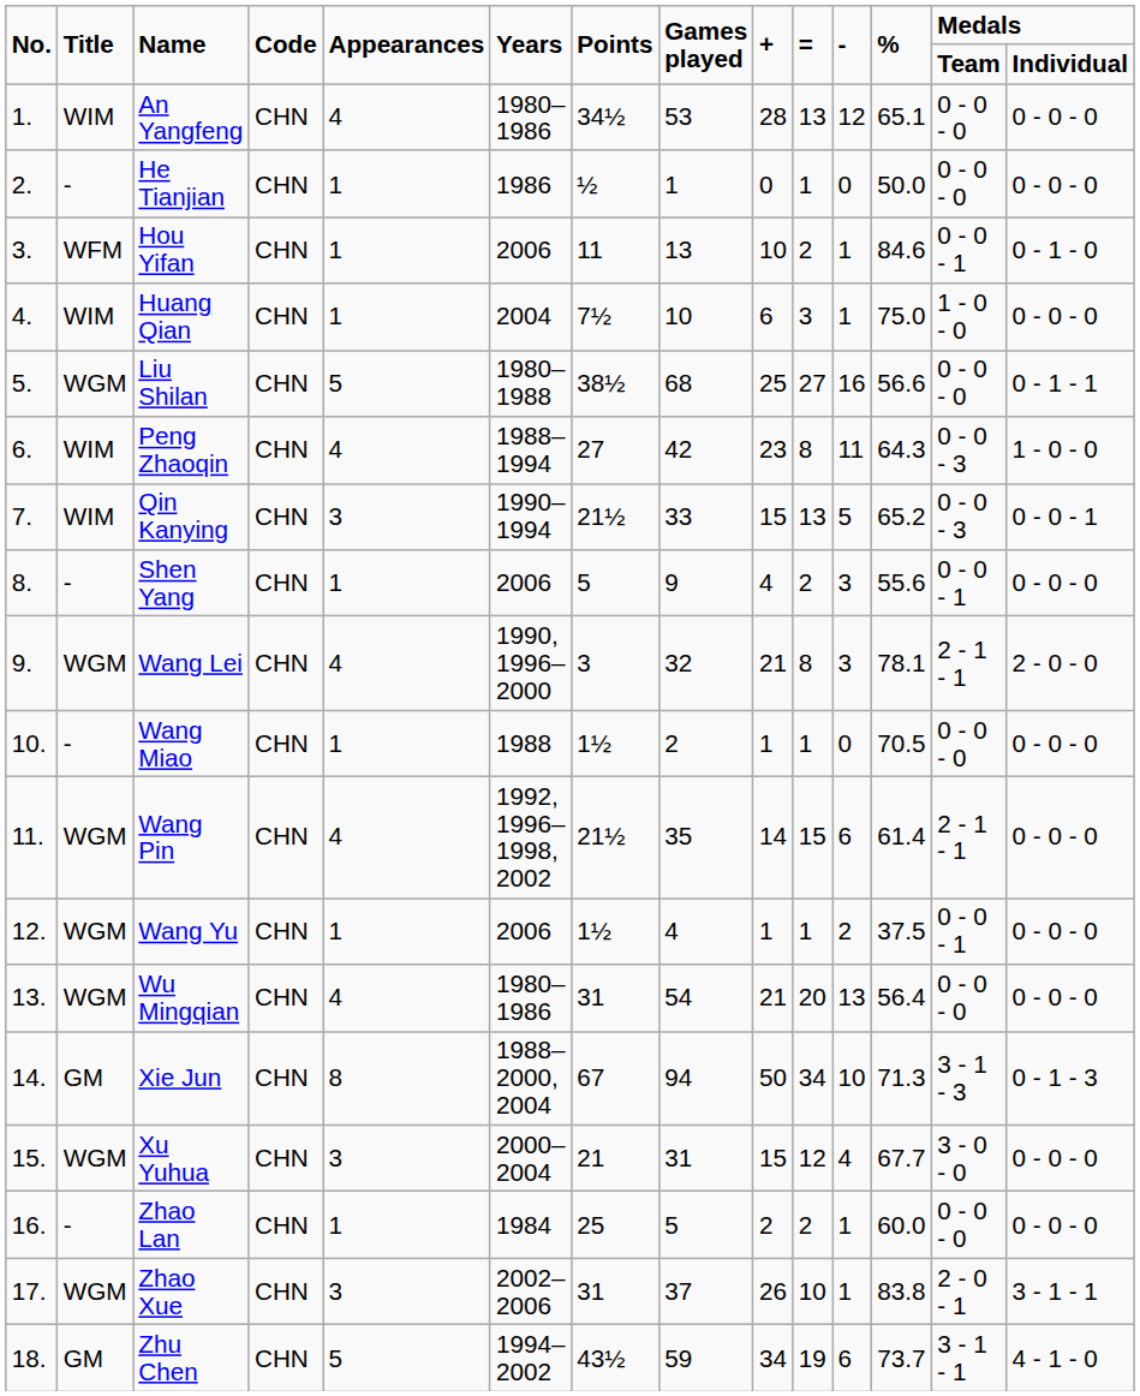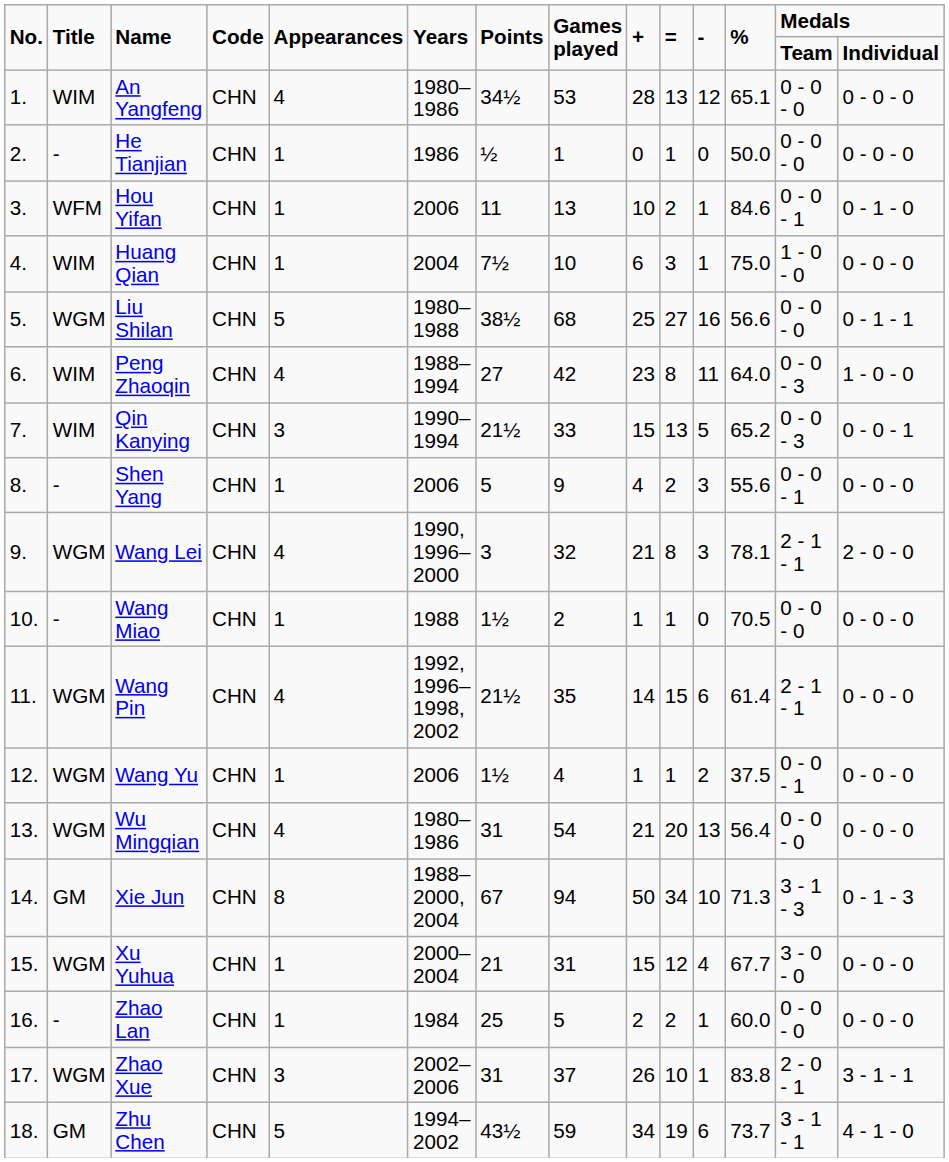 <table class="wikitable" style="font-size:85%" align=center>
 <tr>
 <td width=31 rowspan=2  class="bog"><strong>No.</strong></td>
 <td style="cursor:pointer" onClick="window.location.href='chn_i00.html'" width=35 rowspan=2 class="bog"><strong>Title</strong></td>
 <td width=180 rowspan=2 class="bog"><strong>Name</strong></td>
 <td width=35 rowspan=2 class="bog"><strong>Code</strong></td>
 <td style="cursor:pointer" onClick="window.location.href='chn_i03.html'" width=25 rowspan=2 class="bog"><strong>Appearances</strong></td>
 <td style="cursor:pointer" onClick="window.location.href='chn_i04.html'" width=100 rowspan=2 class="bog"><strong>Years</strong></td>
 <td style="cursor:pointer" onClick="window.location.href='chn_i05.html'" width=35 rowspan=2 class="bog"><strong>Points</strong></td>
 <td style="cursor:pointer" onClick="window.location.href='chn_i06.html'" width=35 rowspan=2 class="bog"><strong>Games played</strong></td>
 <td style="cursor:pointer" onClick="window.location.href='chn_i07.html'" width=30 rowspan=2 class="bog"><strong>+</strong></td>
 <td style="cursor:pointer" onClick="window.location.href='chn_i08.html'" width=30 rowspan=2 class="bog"><strong>=</strong></td>
 <td style="cursor:pointer" onClick="window.location.href='chn_i09.html'" width=30 rowspan=2 class="bog"><strong>-</strong></td>
 <td style="cursor:pointer" onClick="window.location.href='chn_i10.html'" width=35 rowspan=2 class="bog"><strong>%</strong></td>
 <td width=110 colspan=2 class="bog"><strong>Medals</strong></td>
 </tr>
 <tr>
 <td style="cursor:pointer" onClick="window.location.href='chn_i12.html'" width=55 class="bog"><strong>Team</strong></td>
 <td style="cursor:pointer" onClick="window.location.href='chn_i11.html'" width=55 class="bog"><strong>Individual</strong></td>
 </tr>
 <tr>
 <td>1.</td>
 <td>WIM</td>
 <td class="let" width=180><a href='#'>An Yangfeng</a></td>
 <td width=35>CHN</td>
 <td>4</td>
 <td width=100>1980–1986</td>
 <td>34½</td>
 <td>53</td>
 <td>28</td>
 <td>13</td>
 <td>12</td>
 <td>65.1</td>
 <td>0 - 0 - 0</td>
 <td>0 - 0 - 0</td>
 </tr>
 <tr>
 <td>2.</td>
 <td>-</td>
 <td class="let" width=180><a href='#'>He Tianjian</a></td>
 <td width=35>CHN</td>
 <td>1</td>
 <td width=100>1986</td>
 <td>½</td>
 <td>1</td>
 <td>0</td>
 <td>1</td>
 <td>0</td>
 <td>50.0</td>
 <td>0 - 0 - 0</td>
 <td>0 - 0 - 0</td>
 </tr>
 <tr>
 <td>3.</td>
 <td>WFM</td>
 <td class="let" width=180><a href='#'>Hou Yifan</a></td>
 <td width=35>CHN</td>
 <td>1</td>
 <td width=100>2006</td>
 <td>11</td>
 <td>13</td>
 <td>10</td>
 <td>2</td>
 <td>1</td>
 <td>84.6</td>
 <td>0 - 0 - 1</td>
 <td>0 - 1 - 0</td>
 </tr>
 <tr>
 <td>4.</td>
 <td>WIM</td>
 <td class="let" width=180><a href='#'>Huang Qian</a></td>
 <td width=35>CHN</td>
 <td>1</td>
 <td width=100>2004</td>
 <td>7½</td>
 <td>10</td>
 <td>6</td>
 <td>3</td>
 <td>1</td>
 <td>75.0</td>
 <td>1 - 0 - 0</td>
 <td>0 - 0 - 0</td>
 </tr>
 <tr>
 <td>5.</td>
 <td>WGM</td>
 <td class="let" width=180><a href='#'>Liu Shilan</a></td>
 <td width=35>CHN</td>
 <td>5</td>
 <td width=100>1980–1988</td>
 <td>38½</td>
 <td>68</td>
 <td>25</td>
 <td>27</td>
 <td>16</td>
 <td>56.6</td>
 <td>0 - 0 - 0</td>
 <td>0 - 1 - 1</td>
 </tr>
 <tr>
 <td>6.</td>
 <td>WIM</td>
 <td class="let" width=180><a href='#'>Peng Zhaoqin</a></td>
 <td width=35>CHN</td>
 <td>4</td>
 <td width=100>1988–1994</td>
 <td>27</td>
 <td>42</td>
 <td>23</td>
 <td>8</td>
 <td>11</td>
-<td>64.3</td>
+<td>64.0</td>
 <td>0 - 0 - 3</td>
 <td>1 - 0 - 0</td>
 </tr>
 <tr>
 <td>7.</td>
 <td>WIM</td>
 <td class="let" width=180><a href='#'>Qin Kanying</a></td>
 <td width=35>CHN</td>
 <td>3</td>
 <td width=100>1990–1994</td>
 <td>21½</td>
 <td>33</td>
 <td>15</td>
 <td>13</td>
 <td>5</td>
 <td>65.2</td>
 <td>0 - 0 - 3</td>
 <td>0 - 0 - 1</td>
 </tr>
 <tr>
 <td>8.</td>
 <td>-</td>
 <td class="let" width=180><a href='#'>Shen Yang</a></td>
 <td width=35>CHN</td>
 <td>1</td>
 <td width=100>2006</td>
 <td>5</td>
 <td>9</td>
 <td>4</td>
 <td>2</td>
 <td>3</td>
 <td>55.6</td>
 <td>0 - 0 - 1</td>
 <td>0 - 0 - 0</td>
 </tr>
 <tr>
 <td>9.</td>
 <td>WGM</td>
 <td class="let" width=180><a href='#'>Wang Lei</a></td>
 <td width=35>CHN</td>
 <td>4</td>
 <td width=100>1990, 1996–2000</td>
 <td>3</td>
 <td>32</td>
 <td>21</td>
 <td>8</td>
 <td>3</td>
 <td>78.1</td>
 <td>2 - 1 - 1</td>
 <td>2 - 0 - 0</td>
 </tr>
 <tr>
 <td>10.</td>
 <td>-</td>
 <td class="let" width=180><a href='#'>Wang Miao</a></td>
 <td width=35>CHN</td>
 <td>1</td>
 <td width=100>1988</td>
 <td>1½</td>
 <td>2</td>
 <td>1</td>
 <td>1</td>
 <td>0</td>
 <td>70.5</td>
 <td>0 - 0 - 0</td>
 <td>0 - 0 - 0</td>
 </tr>
 <tr>
 <td>11.</td>
 <td>WGM</td>
 <td class="let" width=180><a href='#'>Wang Pin</a></td>
 <td width=35>CHN</td>
 <td>4</td>
 <td width=100>1992, 1996–1998, 2002</td>
 <td>21½</td>
 <td>35</td>
 <td>14</td>
 <td>15</td>
 <td>6</td>
 <td>61.4</td>
 <td>2 - 1 - 1</td>
 <td>0 - 0 - 0</td>
 </tr>
 <tr>
 <td>12.</td>
 <td>WGM</td>
 <td class="let" width=180><a href='#'>Wang Yu</a></td>
 <td width=35>CHN</td>
 <td>1</td>
 <td width=100>2006</td>
 <td>1½</td>
 <td>4</td>
 <td>1</td>
 <td>1</td>
 <td>2</td>
 <td>37.5</td>
 <td>0 - 0 - 1</td>
 <td>0 - 0 - 0</td>
 </tr>
 <tr>
 <td>13.</td>
 <td>WGM</td>
 <td class="let" width=180><a href='#'>Wu Mingqian</a></td>
 <td width=35>CHN</td>
 <td>4</td>
 <td width=100>1980–1986</td>
 <td>31</td>
 <td>54</td>
 <td>21</td>
 <td>20</td>
 <td>13</td>
 <td>56.4</td>
 <td>0 - 0 - 0</td>
 <td>0 - 0 - 0</td>
 </tr>
 <tr>
 <td>14.</td>
 <td>GM</td>
 <td class="let" width=180><a href='#'>Xie Jun</a></td>
 <td width=35>CHN</td>
 <td>8</td>
 <td width=100>1988–2000, 2004</td>
 <td>67</td>
 <td>94</td>
 <td>50</td>
 <td>34</td>
 <td>10</td>
 <td>71.3</td>
 <td>3 - 1 - 3</td>
 <td>0 - 1 - 3</td>
 </tr>
 <tr>
 <td>15.</td>
 <td>WGM</td>
 <td class="let" width=180><a href='#'>Xu Yuhua</a></td>
 <td width=35>CHN</td>
-<td>3</td>
+<td>1</td>
 <td width=100>2000–2004</td>
 <td>21</td>
 <td>31</td>
 <td>15</td>
 <td>12</td>
 <td>4</td>
 <td>67.7</td>
 <td>3 - 0 - 0</td>
 <td>0 - 0 - 0</td>
 </tr>
 <tr>
 <td>16.</td>
 <td>-</td>
 <td class="let" width=180><a href='#'>Zhao Lan</a></td>
 <td width=35>CHN</td>
 <td>1</td>
 <td width=100>1984</td>
 <td>25</td>
 <td>5</td>
 <td>2</td>
 <td>2</td>
 <td>1</td>
 <td>60.0</td>
 <td>0 - 0 - 0</td>
 <td>0 - 0 - 0</td>
 </tr>
 <tr>
 <td>17.</td>
 <td>WGM</td>
 <td class="let" width=180><a href='#'>Zhao Xue</a></td>
 <td width=35>CHN</td>
 <td>3</td>
 <td width=100>2002–2006</td>
 <td>31</td>
 <td>37</td>
 <td>26</td>
 <td>10</td>
 <td>1</td>
 <td>83.8</td>
 <td>2 - 0 - 1</td>
 <td>3 - 1 - 1</td>
 </tr>
 <tr>
 <td>18.</td>
 <td>GM</td>
 <td class="let" width=180><a href='#'>Zhu Chen</a></td>
 <td width=35>CHN</td>
 <td>5</td>
 <td width=100>1994–2002</td>
 <td>43½</td>
 <td>59</td>
 <td>34</td>
 <td>19</td>
 <td>6</td>
 <td>73.7</td>
 <td>3 - 1 - 1</td>
 <td>4 - 1 - 0</td>
 </tr>
 </table>
